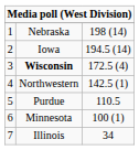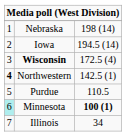 <table class="wikitable" style="display: inline-table;">
 <tr>
 <td align="center" Colspan="3"><strong>Media poll (West Division)</strong></td>
 </tr>
 <tr align="center">
 </tr>
 <tr align="center">
 <td>1</td>
 <td>Nebraska</td>
 <td>198 (14)</td>
 </tr>
 <tr align="center">
 <td>2</td>
 <td>Iowa</td>
 <td>194.5 (14)</td>
 </tr>
 <tr align="center">
 <td>3</td>
 <td><strong>Wisconsin</strong></td>
 <td>172.5 (4)</td>
 </tr>
 <tr align="center">
-<td>4</td>
+<td><strong>4</strong></td>
 <td>Northwestern</td>
 <td>142.5 (1)</td>
 </tr>
 <tr align="center">
 <td>5</td>
 <td>Purdue</td>
 <td>110.5</td>
 </tr>
 <tr align="center">
-<td>6</td>
+<td style="background: paleturquoise;">6</td>
 <td>Minnesota</td>
-<td>100 (1)</td>
+<td><strong>100 (1)</strong></td>
 </tr>
 <tr align="center">
 <td>7</td>
 <td>Illinois</td>
 <td>34</td>
 </tr>
 </table>
